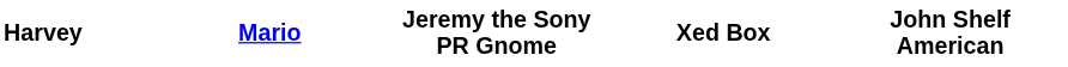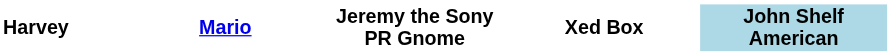 <table>
 <tr style="text-align:center;">
 <td style="width:150px;"></td>
 <td style="width:150px;"></td>
 <td style="width:150px;"></td>
 <td style="width:150px;"></td>
 <td style="width:150px;"></td>
 </tr>
 <tr style="text-align:center;">
 <td style="width:150px;"><strong>Harvey</strong></td>
 <td style="width:150px;"><strong><a href='#'>Mario</a></strong></td>
 <td style="width:150px;"><strong>Jeremy the Sony PR Gnome</strong></td>
 <td style="width:150px;"><strong>Xed Box</strong></td>
-<td style="width:150px;"><strong>John Shelf American</strong></td>
+<td style="background: lightblue; width:150px;"><strong>John Shelf American</strong></td>
 </tr>
 </table>
